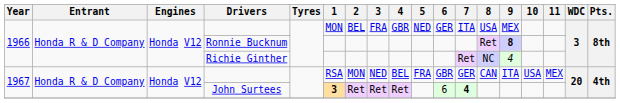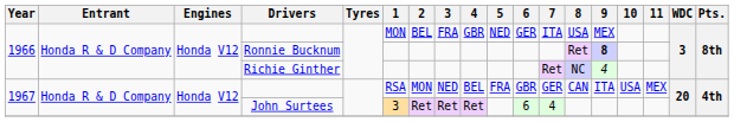 <table class="wikitable" style="text-align:center; font-size:95%">
 <tr>
 <th>Year</th>
 <th>Entrant</th>
 <th>Engines</th>
 <th>Drivers</th>
 <th>Tyres</th>
 <th>1</th>
 <th>2</th>
 <th>3</th>
 <th>4</th>
 <th>5</th>
 <th>6</th>
 <th>7</th>
 <th>8</th>
 <th>9</th>
 <th>10</th>
 <th>11</th>
 <th>WDC</th>
 <th>Pts.</th>
 </tr>
 <tr>
 <td rowspan=3><a href='#'>1966</a></td>
 <td rowspan=3><a href='#'>Honda R & D Company</a></td>
 <td rowspan=3><a href='#'>Honda</a> <a href='#'>V12</a></td>
 <td></td>
 <td rowspan=3></td>
 <td><a href='#'>MON</a></td>
 <td><a href='#'>BEL</a></td>
 <td><a href='#'>FRA</a></td>
 <td><a href='#'>GBR</a></td>
 <td><a href='#'>NED</a></td>
 <td><a href='#'>GER</a></td>
 <td><a href='#'>ITA</a></td>
 <td><a href='#'>USA</a></td>
 <td><a href='#'>MEX</a></td>
 <td></td>
 <td></td>
 <th rowspan="3">3</th>
 <th rowspan="3">8th</th>
 </tr>
 <tr>
 <td><a href='#'>Ronnie Bucknum</a></td>
 <td></td>
 <td></td>
 <td></td>
 <td></td>
 <td></td>
 <td></td>
 <td></td>
 <td style="background:#efcfff;">Ret</td>
 <td style="background:#cfcfff;"><strong>8</strong></td>
 <td></td>
 <td></td>
 </tr>
 <tr>
 <td><a href='#'>Richie Ginther</a></td>
 <td></td>
 <td></td>
 <td></td>
 <td></td>
 <td></td>
 <td></td>
 <td style="background:#EFCFFF;">Ret</td>
 <td style="background:#cfcfff;">NC</td>
 <td style="background:#dfffdf;"><em>4</em></td>
 <td></td>
 <td></td>
 </tr>
 <tr>
 <td rowspan=2><a href='#'>1967</a></td>
 <td rowspan=2><a href='#'>Honda R & D Company</a></td>
 <td rowspan=2><a href='#'>Honda</a> <a href='#'>V12</a></td>
 <td></td>
 <td rowspan=2></td>
 <td><a href='#'>RSA</a></td>
 <td><a href='#'>MON</a></td>
 <td><a href='#'>NED</a></td>
 <td><a href='#'>BEL</a></td>
 <td><a href='#'>FRA</a></td>
 <td><a href='#'>GBR</a></td>
 <td><a href='#'>GER</a></td>
 <td><a href='#'>CAN</a></td>
 <td><a href='#'>ITA</a></td>
 <td><a href='#'>USA</a></td>
 <td><a href='#'>MEX</a></td>
 <th rowspan="2">20</th>
 <th rowspan="2">4th</th>
 </tr>
 <tr>
 <td><a href='#'>John Surtees</a></td>
-<td style="background:#ffdf9f;"><strong>3</strong></td>
+<td style="background:#ffdf9f;">3</td>
 <td style="background:#efcfff;">Ret</td>
 <td style="background:#efcfff;">Ret</td>
 <td style="background:#efcfff;">Ret</td>
 <td></td>
 <td style="background:#dfffdf;">6</td>
-<td style="background:#dfffdf;"><strong>4</strong></td>
+<td style="background:#dfffdf;">4</td>
 <td></td>
 <td></td>
 <td></td>
 <td></td>
 </tr>
 <tr>
 </tr>
 </table>
